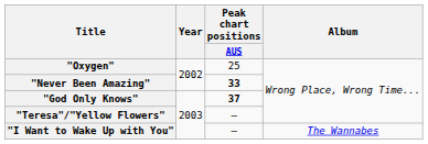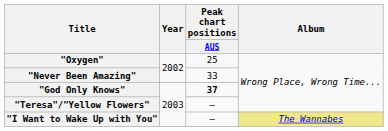 <table class="wikitable plainrowheaders" style="text-align:center;">
 <tr>
 <th scope="col" rowspan="2">Title</th>
 <th scope="col" rowspan="2">Year</th>
 <th scope="col" colspan="1">Peak chart positions</th>
 <th scope="col" rowspan="2">Album</th>
 </tr>
 <tr>
 <th scope="col" style="width:3em;font-size:90%;"><a href='#'>AUS</a><br></th>
 </tr>
 <tr>
 <th scope="row">"Oxygen"</th>
 <td rowspan="2">2002</td>
 <td>25</td>
 <td rowspan="4"><em>Wrong Place, Wrong Time...</em></td>
 </tr>
 <tr>
 <th scope="row">"Never Been Amazing"</th>
-<td><strong>33</strong></td>
+<td>33</td>
 </tr>
 <tr>
 <th scope="row">"God Only Knows"</th>
 <td rowspan="3">2003</td>
 <td><strong>37</strong></td>
 </tr>
 <tr>
 <th scope="row">"Teresa"/"Yellow Flowers"</th>
 <td>—</td>
 </tr>
 <tr>
 <th scope="row">"I Want to Wake Up with You"</th>
 <td>—</td>
-<td><em><a href='#'>The Wannabes</a></em></td>
+<td style="background: khaki;"><em><a href='#'>The Wannabes</a></em></td>
 </tr>
 </table>
